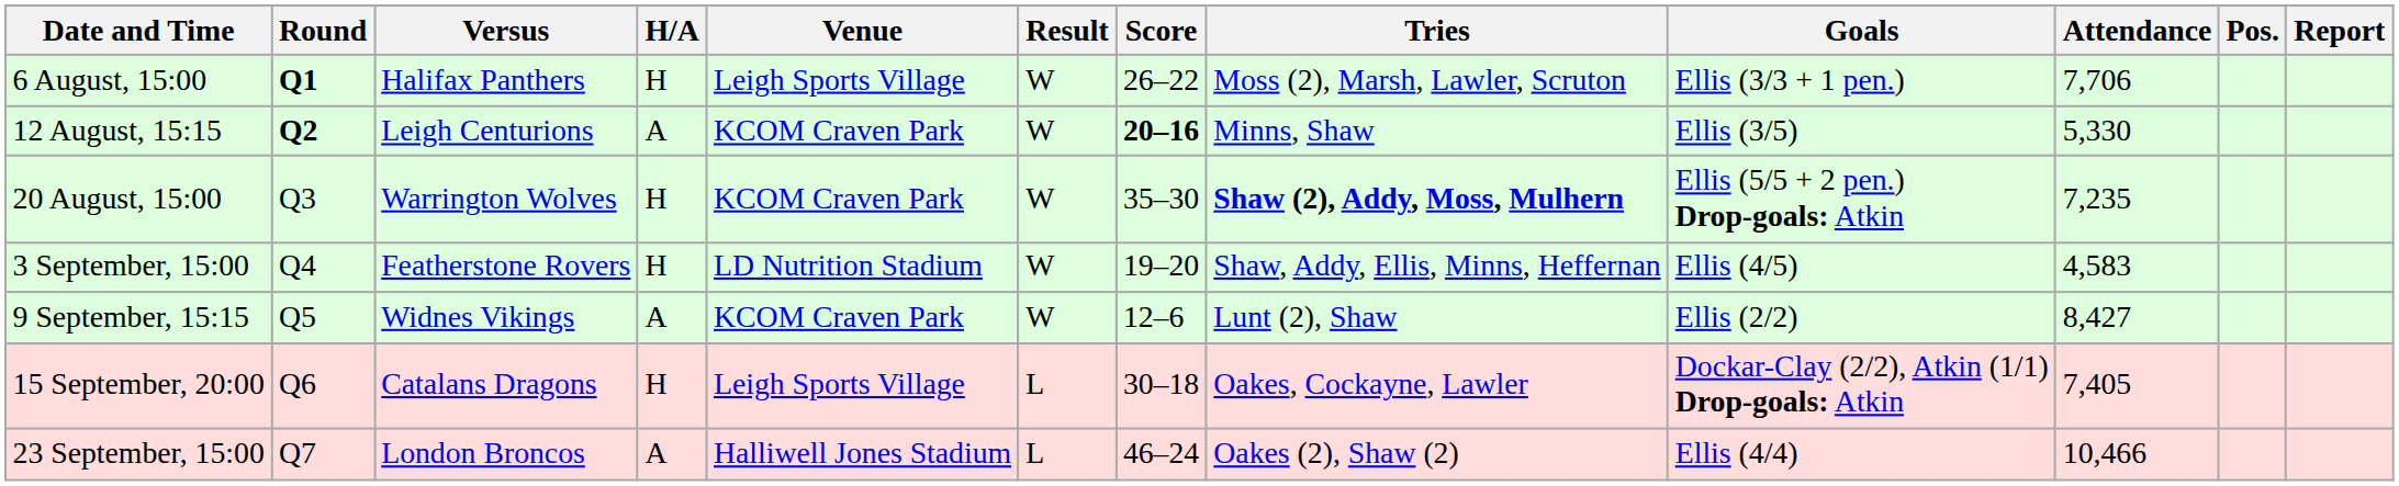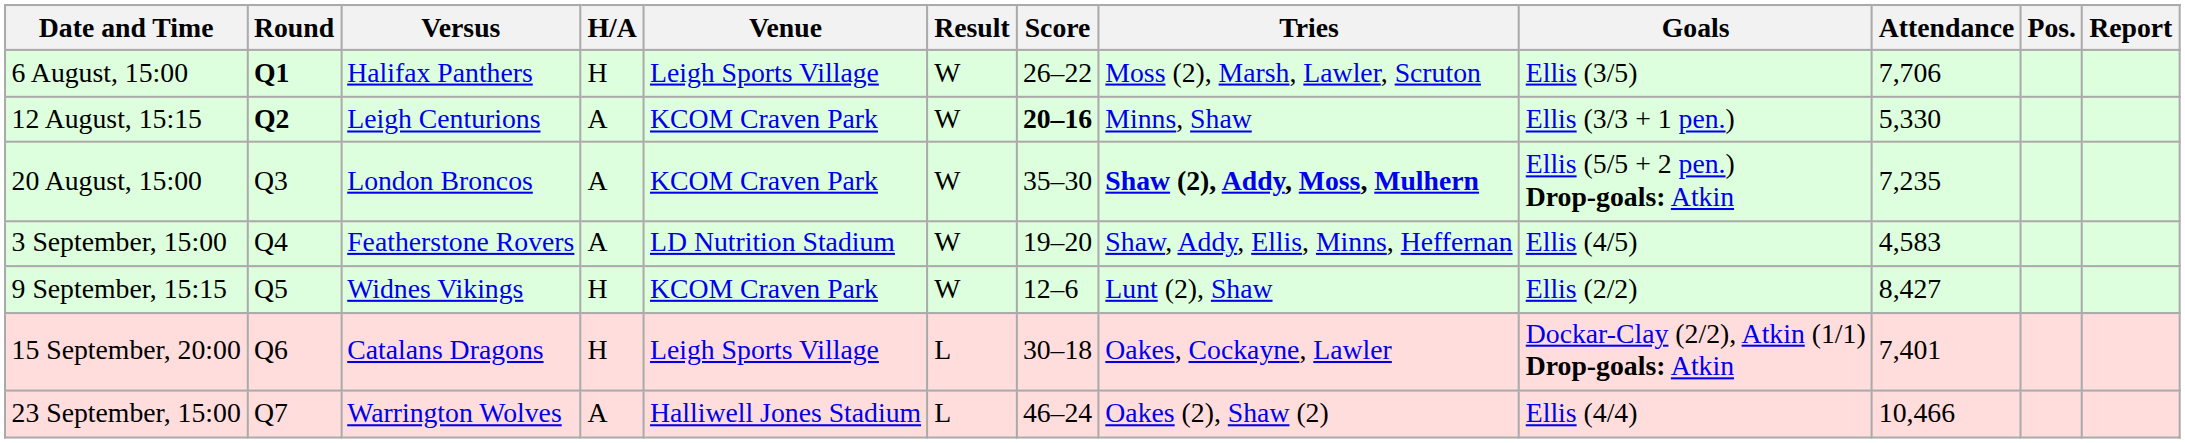 <table class="wikitable" style="font-size:85%;">
 <tr>
 <th>Date and Time</th>
 <th>Round</th>
 <th>Versus</th>
 <th>H/A</th>
 <th>Venue</th>
 <th>Result</th>
 <th>Score</th>
 <th>Tries</th>
 <th>Goals</th>
 <th>Attendance</th>
 <th>Pos.</th>
 <th>Report</th>
 </tr>
 <tr style="background:#ddffdd">
 <td>6 August, 15:00</td>
 <td><strong>Q1</strong></td>
 <td> <a href='#'>Halifax Panthers</a></td>
 <td>H</td>
 <td><a href='#'>Leigh Sports Village</a></td>
 <td>W</td>
 <td>26–22</td>
 <td><a href='#'>Moss</a> (2), <a href='#'>Marsh</a>, <a href='#'>Lawler</a>, <a href='#'>Scruton</a></td>
-<td><a href='#'>Ellis</a> (3/3 + 1 <a href='#'>pen.</a>)</td>
+<td><a href='#'>Ellis</a> (3/5)</td>
 <td>7,706</td>
 <td></td>
 <td></td>
 </tr>
 <tr style="background:#ddffdd">
 <td>12 August, 15:15</td>
 <td><strong>Q2</strong></td>
 <td> <a href='#'>Leigh Centurions</a></td>
 <td>A</td>
 <td><a href='#'>KCOM Craven Park</a></td>
 <td>W</td>
 <td><strong>20–16</strong></td>
 <td><a href='#'>Minns</a>, <a href='#'>Shaw</a></td>
-<td><a href='#'>Ellis</a> (3/5)</td>
+<td><a href='#'>Ellis</a> (3/3 + 1 <a href='#'>pen.</a>)</td>
 <td>5,330</td>
 <td></td>
 <td></td>
 </tr>
 <tr style="background:#ddffdd">
 <td>20 August, 15:00</td>
 <td>Q3</td>
-<td> <a href='#'>Warrington Wolves</a></td>
-<td>H</td>
+<td> <a href='#'>London Broncos</a></td>
+<td>A</td>
 <td><a href='#'>KCOM Craven Park</a></td>
 <td>W</td>
 <td>35–30</td>
 <td><strong><a href='#'>Shaw</a> (2), <a href='#'>Addy</a>, <a href='#'>Moss</a>, <a href='#'>Mulhern</a></strong></td>
 <td><a href='#'>Ellis</a> (5/5 + 2 <a href='#'>pen.</a>)<br><strong>Drop-goals:</strong> <a href='#'>Atkin</a></td>
 <td>7,235</td>
 <td></td>
 <td></td>
 </tr>
 <tr style="background:#ddffdd">
 <td>3 September, 15:00</td>
 <td>Q4</td>
 <td> <a href='#'>Featherstone Rovers</a></td>
-<td>H</td>
+<td>A</td>
 <td><a href='#'>LD Nutrition Stadium</a></td>
 <td>W</td>
 <td>19–20</td>
 <td><a href='#'>Shaw</a>, <a href='#'>Addy</a>, <a href='#'>Ellis</a>, <a href='#'>Minns</a>, <a href='#'>Heffernan</a></td>
 <td><a href='#'>Ellis</a> (4/5)</td>
 <td>4,583</td>
 <td></td>
 <td></td>
 </tr>
 <tr style="background:#ddffdd">
 <td>9 September, 15:15</td>
 <td>Q5</td>
 <td> <a href='#'>Widnes Vikings</a></td>
-<td>A</td>
+<td>H</td>
 <td><a href='#'>KCOM Craven Park</a></td>
 <td>W</td>
 <td>12–6</td>
 <td><a href='#'>Lunt</a> (2), <a href='#'>Shaw</a></td>
 <td><a href='#'>Ellis</a> (2/2)</td>
 <td>8,427</td>
 <td></td>
 <td></td>
 </tr>
 <tr style="background:#ffdddd">
 <td>15 September, 20:00</td>
 <td>Q6</td>
 <td> <a href='#'>Catalans Dragons</a></td>
 <td>H</td>
 <td><a href='#'>Leigh Sports Village</a></td>
 <td>L</td>
 <td>30–18</td>
 <td><a href='#'>Oakes</a>, <a href='#'>Cockayne</a>, <a href='#'>Lawler</a></td>
 <td><a href='#'>Dockar-Clay</a> (2/2), <a href='#'>Atkin</a> (1/1)<br><strong>Drop-goals:</strong> <a href='#'>Atkin</a></td>
-<td>7,405</td>
+<td>7,401</td>
 <td></td>
 <td></td>
 </tr>
 <tr style="background:#ffdddd">
 <td>23 September, 15:00</td>
 <td>Q7</td>
-<td> <a href='#'>London Broncos</a></td>
+<td> <a href='#'>Warrington Wolves</a></td>
 <td>A</td>
 <td><a href='#'>Halliwell Jones Stadium</a></td>
 <td>L</td>
 <td>46–24</td>
 <td><a href='#'>Oakes</a> (2), <a href='#'>Shaw</a> (2)</td>
 <td><a href='#'>Ellis</a> (4/4)</td>
 <td>10,466</td>
 <td></td>
 <td></td>
 </tr>
 </table>
